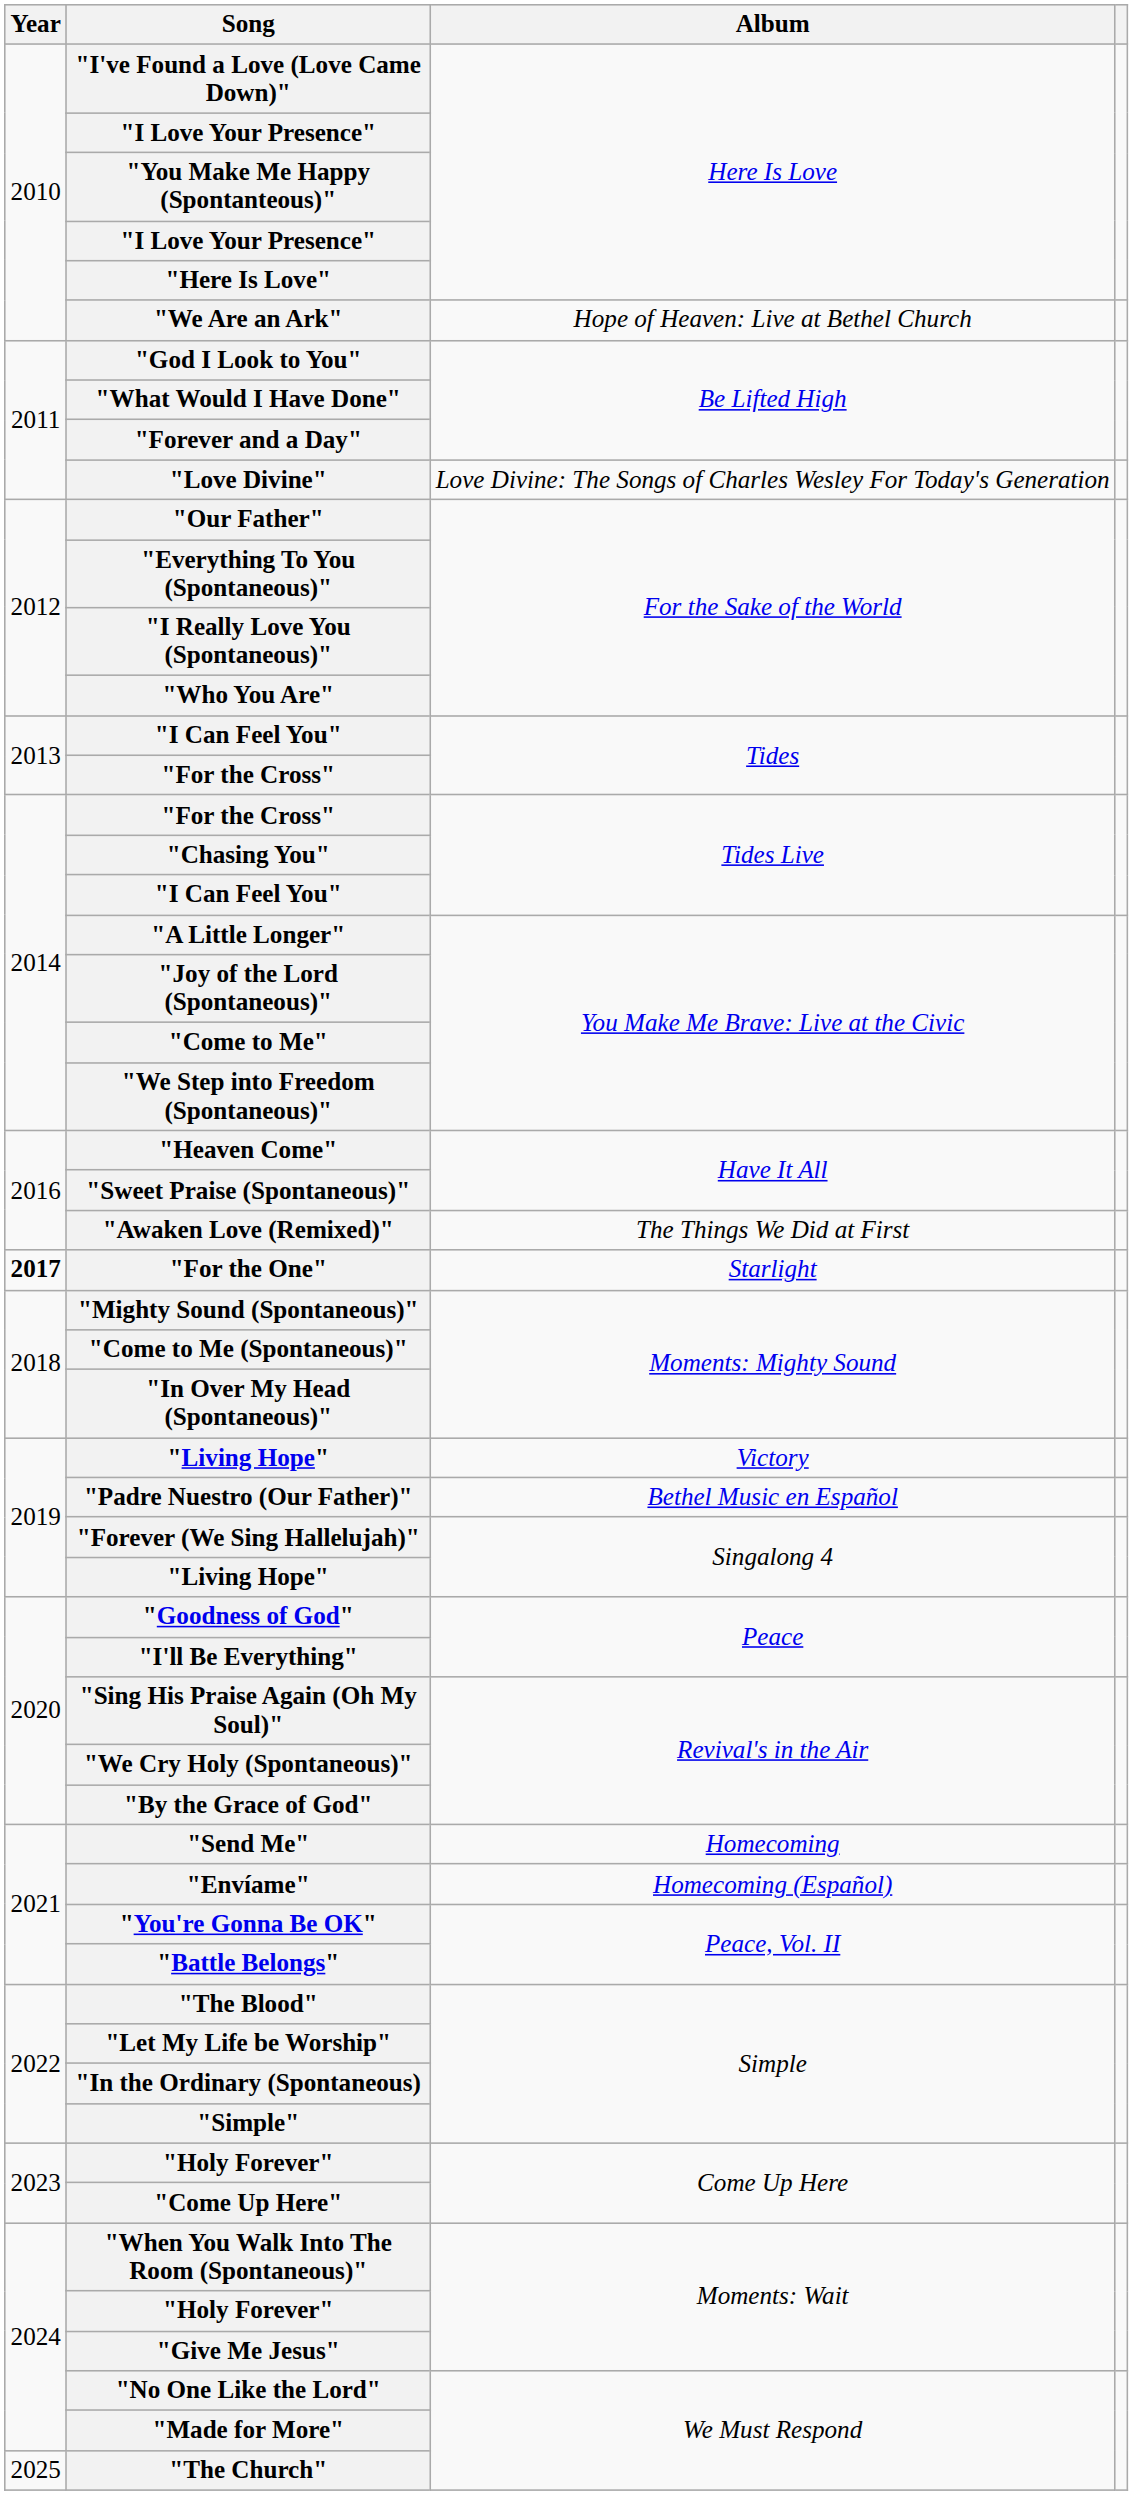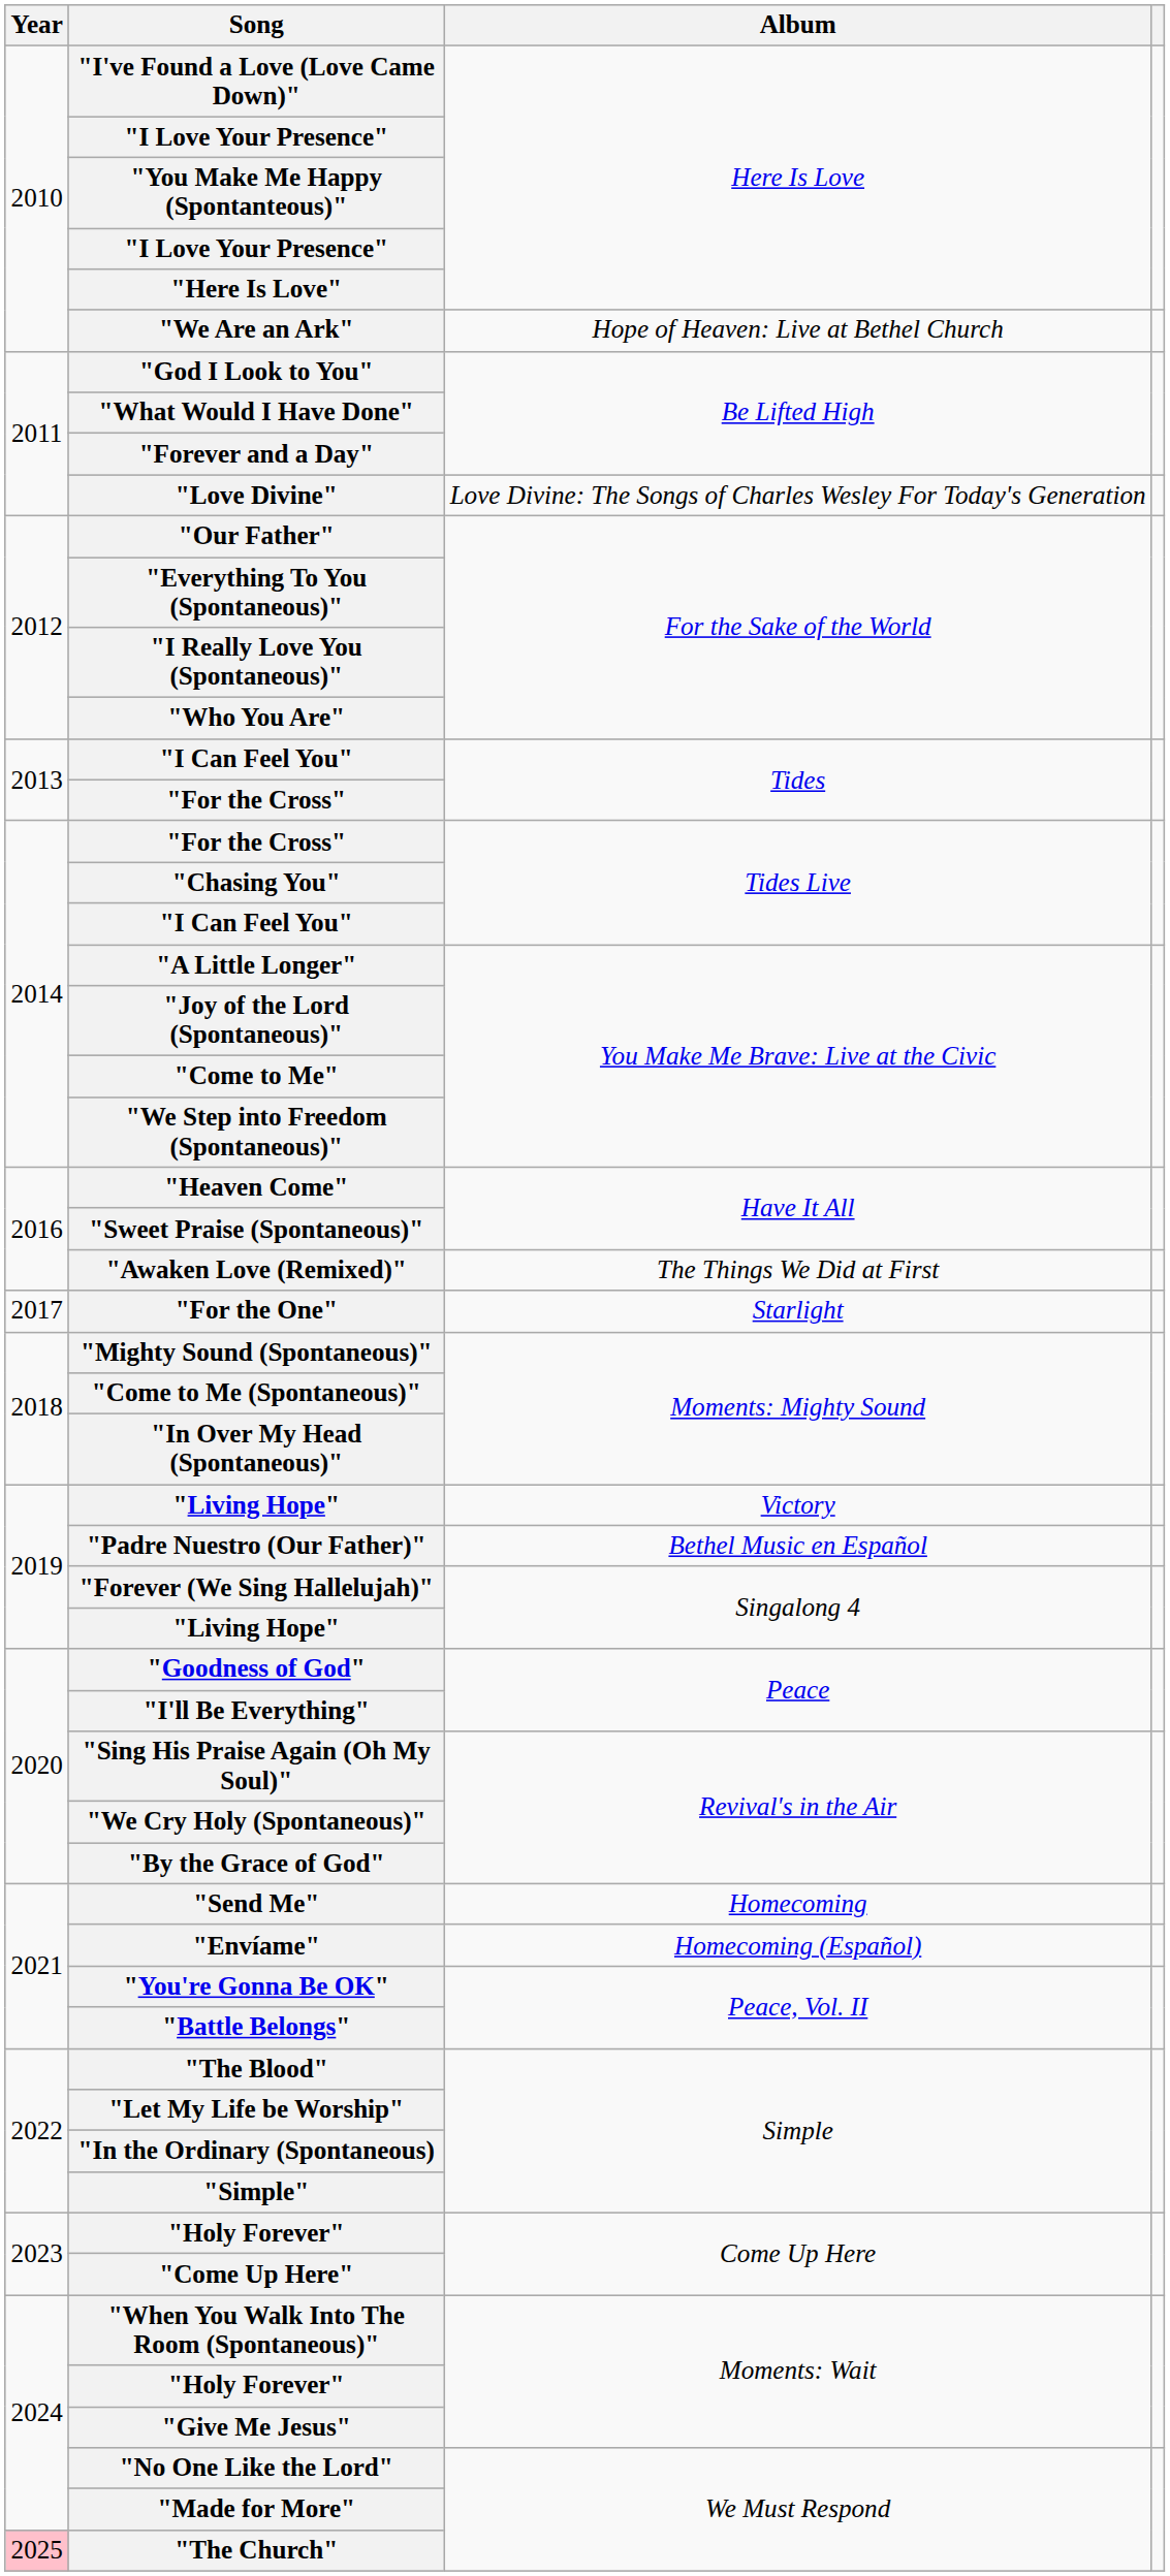 <table class="wikitable plainrowheaders" style="text-align:center;">
 <tr>
 <th scope="col">Year</th>
 <th scope="col" style="width:14em;">Song</th>
 <th scope="col">Album</th>
 <th scope="col"></th>
 </tr>
 <tr>
 <td rowspan="6">2010</td>
 <th scope="row">"I've Found a Love (Love Came Down)" <br></th>
 <td rowspan="5"><em><a href='#'>Here Is Love</a></em></td>
 <td rowspan="5"></td>
 </tr>
 <tr>
 <th scope="row">"I Love Your Presence" <br></th>
 </tr>
 <tr>
 <th scope="row">"You Make Me Happy (Spontanteous)" <br></th>
 </tr>
 <tr>
 <th scope="row">"I Love Your Presence" <br></th>
 </tr>
 <tr>
 <th scope="row">"Here Is Love" <br></th>
 </tr>
 <tr>
 <th scope="row">"We Are an Ark" <br></th>
 <td><em>Hope of Heaven: Live at Bethel Church</em></td>
 <td></td>
 </tr>
 <tr>
 <td rowspan="4">2011</td>
 <th scope="row">"God I Look to You" <br></th>
 <td rowspan="3"><em><a href='#'>Be Lifted High</a></em></td>
 <td rowspan="3"></td>
 </tr>
 <tr>
 <th scope="row">"What Would I Have Done" <br></th>
 </tr>
 <tr>
 <th scope="row">"Forever and a Day" <br></th>
 </tr>
 <tr>
 <th scope="row">"Love Divine" <br></th>
 <td><em>Love Divine: The Songs of Charles Wesley For Today's Generation</em></td>
 <td></td>
 </tr>
 <tr>
 <td rowspan="4">2012</td>
 <th scope="row">"Our Father" <br></th>
 <td rowspan="4"><em><a href='#'>For the Sake of the World</a></em></td>
 <td rowspan="4"></td>
 </tr>
 <tr>
 <th scope="row">"Everything To You (Spontaneous)" <br></th>
 </tr>
 <tr>
 <th scope="row">"I Really Love You (Spontaneous)" <br></th>
 </tr>
 <tr>
 <th scope="row">"Who You Are" <br></th>
 </tr>
 <tr>
 <td rowspan="2">2013</td>
 <th scope="row">"I Can Feel You" <br></th>
 <td rowspan="2"><em><a href='#'>Tides</a></em></td>
 <td rowspan="2"></td>
 </tr>
 <tr>
 <th scope="row">"For the Cross" <br></th>
 </tr>
 <tr>
 <td rowspan="7">2014</td>
 <th scope="row">"For the Cross" <br></th>
 <td rowspan="3"><em><a href='#'>Tides Live</a></em></td>
 <td rowspan="3"></td>
 </tr>
 <tr>
 <th scope="row">"Chasing You" <br></th>
 </tr>
 <tr>
 <th scope="row">"I Can Feel You" <br></th>
 </tr>
 <tr>
 <th scope="row">"A Little Longer" <br></th>
 <td rowspan="4"><em><a href='#'>You Make Me Brave: Live at the Civic</a></em></td>
 <td rowspan="4"></td>
 </tr>
 <tr>
 <th scope="row">"Joy of the Lord (Spontaneous)" <br></th>
 </tr>
 <tr>
 <th scope="row">"Come to Me" <br></th>
 </tr>
 <tr>
 <th scope="row">"We Step into Freedom (Spontaneous)" <br></th>
 </tr>
 <tr>
 <td rowspan="3">2016</td>
 <th scope="row">"Heaven Come" <br></th>
 <td rowspan="2"><em><a href='#'>Have It All</a></em></td>
 <td rowspan="2"></td>
 </tr>
 <tr>
 <th scope="row">"Sweet Praise (Spontaneous)" <br></th>
 </tr>
 <tr>
 <th scope="row">"Awaken Love (Remixed)" <br></th>
 <td><em>The Things We Did at First</em></td>
 <td></td>
 </tr>
 <tr>
-<td><strong>2017</strong></td>
+<td>2017</td>
 <th scope="row">"For the One" <br></th>
 <td><em><a href='#'>Starlight</a></em></td>
 <td></td>
 </tr>
 <tr>
 <td rowspan="3">2018</td>
 <th scope="row">"Mighty Sound (Spontaneous)" <br></th>
 <td rowspan="3"><em><a href='#'>Moments: Mighty Sound</a></em></td>
 <td rowspan="3"></td>
 </tr>
 <tr>
 <th scope="row">"Come to Me (Spontaneous)" <br></th>
 </tr>
 <tr>
 <th scope="row">"In Over My Head (Spontaneous)" <br></th>
 </tr>
 <tr>
 <td rowspan="4">2019</td>
 <th scope="row">"<a href='#'>Living Hope</a>" <br></th>
 <td><em><a href='#'>Victory</a></em></td>
 <td></td>
 </tr>
 <tr>
 <th scope="row">"Padre Nuestro (Our Father)" <br></th>
 <td><em><a href='#'>Bethel Music en Español</a></em></td>
 <td></td>
 </tr>
 <tr>
 <th scope="row">"Forever (We Sing Hallelujah)" <br></th>
 <td rowspan="2"><em>Singalong 4</em></td>
 <td rowspan="2"></td>
 </tr>
 <tr>
 <th scope="row">"Living Hope" <br></th>
 </tr>
 <tr>
 <td rowspan="5">2020</td>
 <th scope="row">"<a href='#'>Goodness of God</a>" <br></th>
 <td rowspan="2"><em><a href='#'>Peace</a></em></td>
 <td rowspan="2"></td>
 </tr>
 <tr>
 <th scope="row">"I'll Be Everything" <br></th>
 </tr>
 <tr>
 <th scope="row">"Sing His Praise Again (Oh My Soul)" <br></th>
 <td rowspan="3"><em><a href='#'>Revival's in the Air</a></em></td>
 <td rowspan="3"></td>
 </tr>
 <tr>
 <th scope="row">"We Cry Holy (Spontaneous)" <br></th>
 </tr>
 <tr>
 <th scope="row">"By the Grace of God" <br></th>
 </tr>
 <tr>
 <td rowspan="4">2021</td>
 <th scope="row">"Send Me" <br></th>
 <td><em><a href='#'>Homecoming</a></em></td>
 <td></td>
 </tr>
 <tr>
 <th scope="row">"Envíame" <br></th>
 <td><em><a href='#'>Homecoming (Español)</a></em></td>
 <td></td>
 </tr>
 <tr>
 <th scope="row">"<a href='#'>You're Gonna Be OK</a>" <br></th>
 <td rowspan="2"><em><a href='#'>Peace, Vol. II</a></em></td>
 <td rowspan="2"></td>
 </tr>
 <tr>
 <th scope="row">"<a href='#'>Battle Belongs</a>" <br></th>
 </tr>
 <tr>
 <td rowspan="4">2022</td>
 <th scope="row">"The Blood" <br></th>
 <td rowspan="4"><em>Simple</em></td>
 <td rowspan="4"></td>
 </tr>
 <tr>
 <th scope="row">"Let My Life be Worship" <br></th>
 </tr>
 <tr>
 <th scope="row">"In the Ordinary (Spontaneous) <br></th>
 </tr>
 <tr>
 <th scope="row">"Simple" <br></th>
 </tr>
 <tr>
 <td rowspan="2">2023</td>
 <th scope="row">"Holy Forever" <br></th>
 <td rowspan="2"><em>Come Up Here</em></td>
 <td rowspan="2"></td>
 </tr>
 <tr>
 <th scope="row">"Come Up Here" <br></th>
 </tr>
 <tr>
 <td rowspan="5">2024</td>
 <th scope="row">"When You Walk Into The Room (Spontaneous)" <br></th>
 <td rowspan="3"><em>Moments: Wait</em></td>
 <td rowspan="3"></td>
 </tr>
 <tr>
 <th scope="row">"Holy Forever" <br></th>
 </tr>
 <tr>
 <th scope="row">"Give Me Jesus" <br></th>
 </tr>
 <tr>
 <th scope="row">"No One Like the Lord" <br></th>
 <td rowspan="3"><em>We Must Respond</em></td>
 <td rowspan="3"></td>
 </tr>
 <tr>
 <th scope="row">"Made for More" <br></th>
 </tr>
 <tr>
-<td>2025</td>
+<td style="background: pink;">2025</td>
 <th scope="row">"The Church" <br></th>
 </tr>
 </table>
